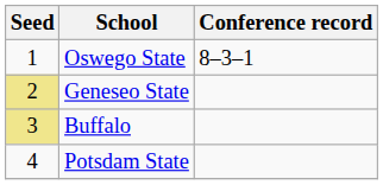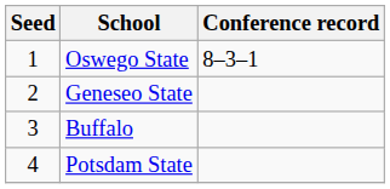 <table class="wikitable">
 <tr>
 <th>Seed</th>
 <th>School</th>
 <th>Conference record</th>
 </tr>
 <tr>
 <td align=center>1</td>
 <td><a href='#'>Oswego State</a></td>
 <td>8–3–1</td>
 </tr>
 <tr>
-<td align=center style="background: khaki;">2</td>
+<td align=center>2</td>
 <td><a href='#'>Geneseo State</a></td>
 <td></td>
 </tr>
 <tr>
-<td align=center style="background: khaki;">3</td>
+<td align=center>3</td>
 <td><a href='#'>Buffalo</a></td>
 <td></td>
 </tr>
 <tr>
 <td align=center>4</td>
 <td><a href='#'>Potsdam State</a></td>
 <td></td>
 </tr>
 <tr>
 </tr>
 </table>
